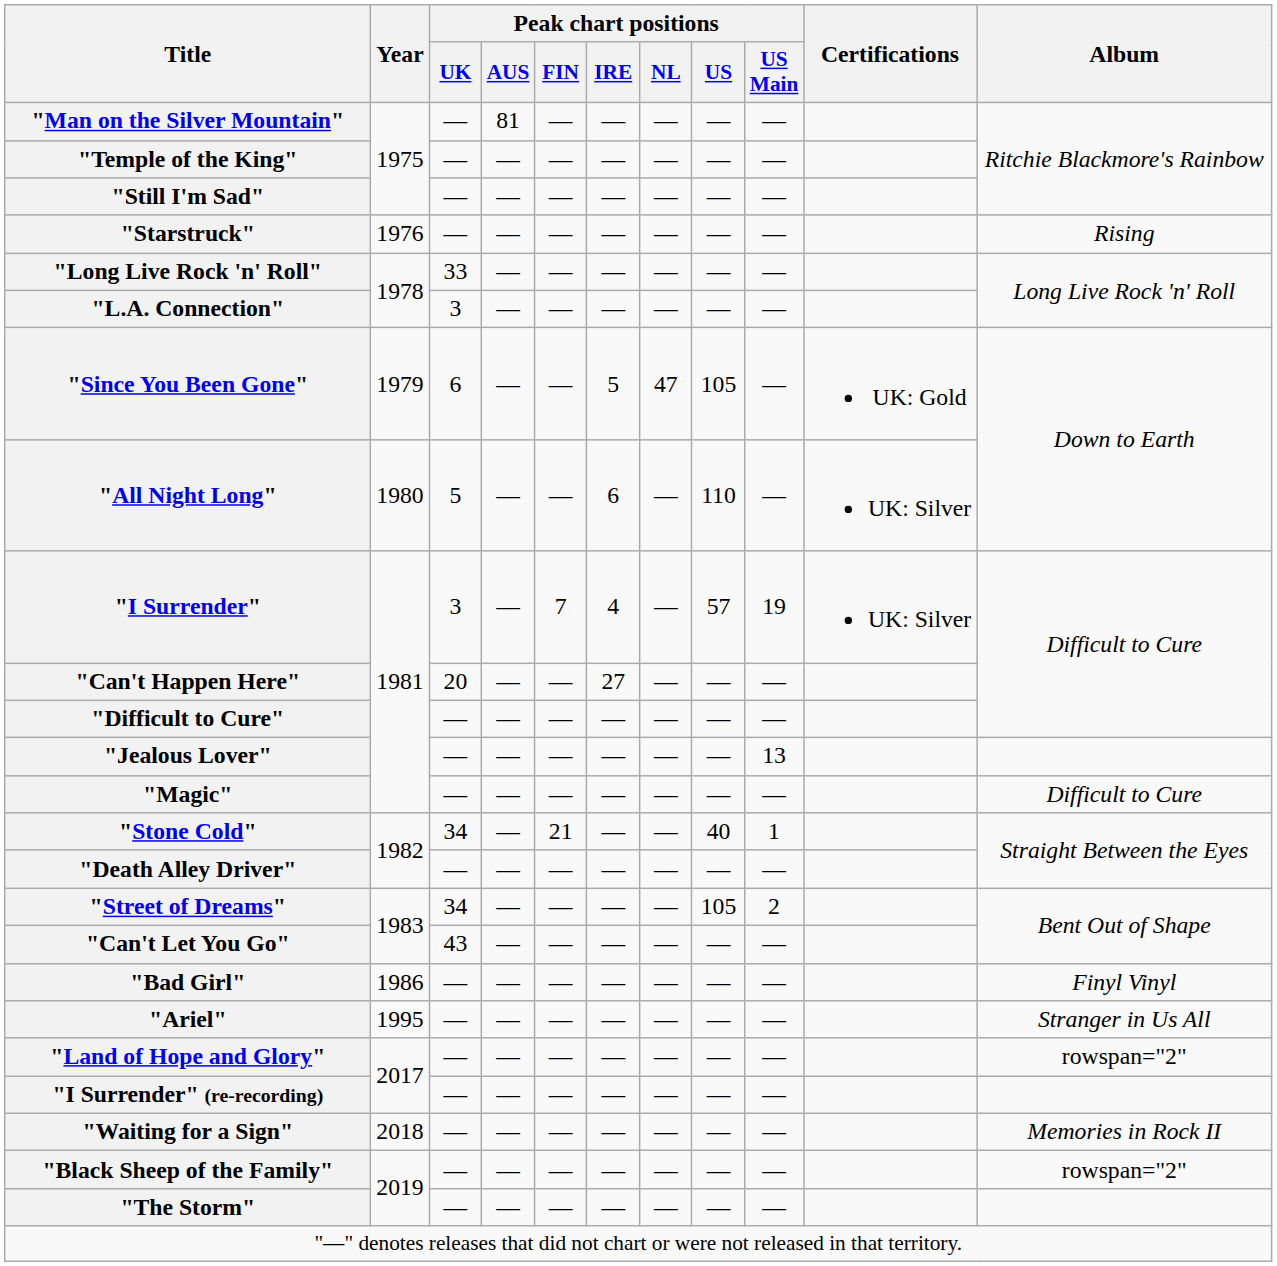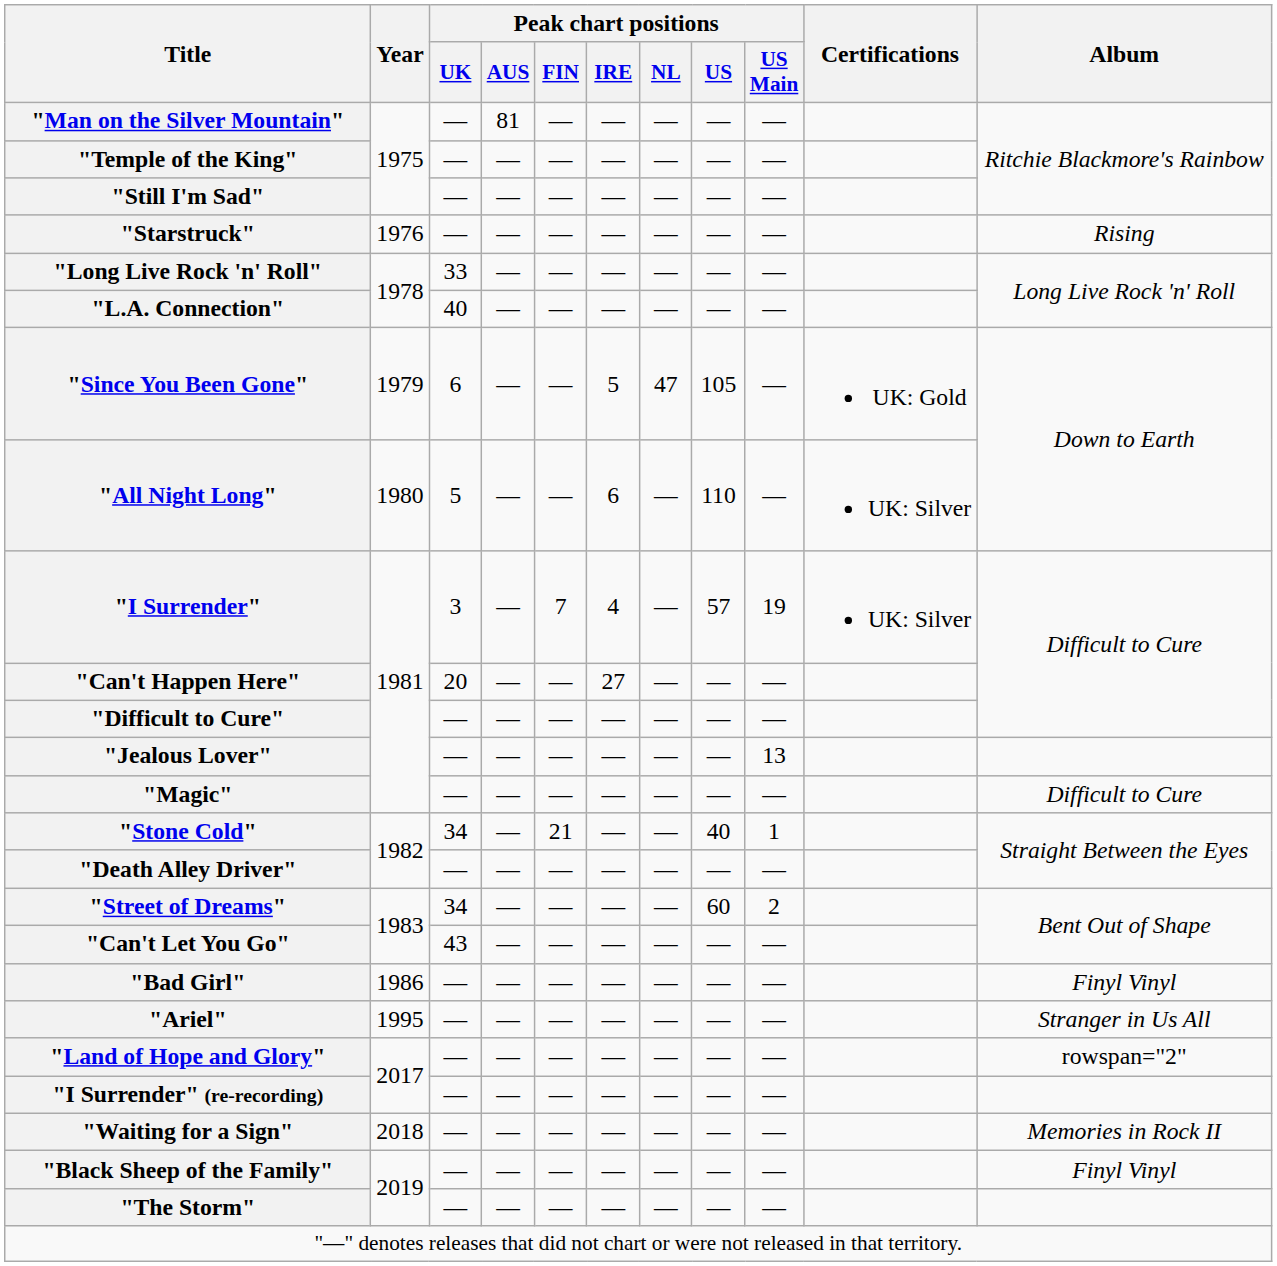 <table class="wikitable plainrowheaders" style="text-align:center;">
 <tr>
 <th rowspan="2" scope="col" style="width:15em;">Title</th>
 <th rowspan="2" scope="col" style="width:2em;">Year</th>
 <th colspan="7">Peak chart positions</th>
 <th rowspan="2">Certifications</th>
 <th rowspan="2" style="width:12em;">Album</th>
 </tr>
 <tr>
 <th scope="col" style="width:2em;font-size:90%;"><a href='#'>UK</a><br></th>
 <th scope="col" style="width:2em;font-size:90%;"><a href='#'>AUS</a><br></th>
 <th scope="col" style="width:2em;font-size:90%;"><a href='#'>FIN</a><br></th>
 <th scope="col" style="width:2em;font-size:90%;"><a href='#'>IRE</a><br></th>
 <th scope="col" style="width:2em;font-size:90%;"><a href='#'>NL</a><br></th>
 <th scope="col" style="width:2em;font-size:90%;"><a href='#'>US</a><br></th>
 <th scope="col" style="width:2em;font-size:90%;"><a href='#'>US Main</a><br></th>
 </tr>
 <tr>
 <th scope="row">"<a href='#'>Man on the Silver Mountain</a>"</th>
 <td rowspan="3">1975</td>
 <td>—</td>
 <td>81</td>
 <td>—</td>
 <td>—</td>
 <td>—</td>
 <td>—</td>
 <td>—</td>
 <td></td>
 <td rowspan="3"><em>Ritchie Blackmore's Rainbow</em></td>
 </tr>
 <tr>
 <th scope="row">"Temple of the King" </th>
 <td>—</td>
 <td>—</td>
 <td>—</td>
 <td>—</td>
 <td>—</td>
 <td>—</td>
 <td>—</td>
 <td></td>
 </tr>
 <tr>
 <th scope="row">"Still I'm Sad" </th>
 <td>—</td>
 <td>—</td>
 <td>—</td>
 <td>—</td>
 <td>—</td>
 <td>—</td>
 <td>—</td>
 <td></td>
 </tr>
 <tr>
 <th scope="row">"Starstruck" </th>
 <td>1976</td>
 <td>—</td>
 <td>—</td>
 <td>—</td>
 <td>—</td>
 <td>—</td>
 <td>—</td>
 <td>—</td>
 <td></td>
 <td><em>Rising</em></td>
 </tr>
 <tr>
 <th scope="row">"Long Live Rock 'n' Roll"</th>
 <td rowspan="2">1978</td>
 <td>33</td>
 <td>—</td>
 <td>—</td>
 <td>—</td>
 <td>—</td>
 <td>—</td>
 <td>—</td>
 <td></td>
 <td rowspan="2"><em>Long Live Rock 'n' Roll</em></td>
 </tr>
 <tr>
 <th scope="row">"L.A. Connection"</th>
-<td>3</td>
+<td>40</td>
 <td>—</td>
 <td>—</td>
 <td>—</td>
 <td>—</td>
 <td>—</td>
 <td>—</td>
 <td></td>
 </tr>
 <tr>
 <th scope="row">"<a href='#'>Since You Been Gone</a>"</th>
 <td>1979</td>
 <td>6</td>
 <td>—</td>
 <td>—</td>
 <td>5</td>
 <td>47</td>
 <td>105</td>
 <td>—</td>
 <td><br><ul><li>UK: Gold</li></ul></td>
 <td rowspan="2"><em>Down to Earth</em></td>
 </tr>
 <tr>
 <th scope="row">"<a href='#'>All Night Long</a>"</th>
 <td>1980</td>
 <td>5</td>
 <td>—</td>
 <td>—</td>
 <td>6</td>
 <td>—</td>
 <td>110</td>
 <td>—</td>
 <td><br><ul><li>UK: Silver</li></ul></td>
 </tr>
 <tr>
 <th scope="row">"<a href='#'>I Surrender</a>"</th>
 <td rowspan="5">1981</td>
 <td>3</td>
 <td>—</td>
 <td>7</td>
 <td>4</td>
 <td>—</td>
 <td>57</td>
 <td>19</td>
 <td><br><ul><li>UK: Silver</li></ul></td>
 <td rowspan="3"><em>Difficult to Cure</em></td>
 </tr>
 <tr>
 <th scope="row">"Can't Happen Here"</th>
 <td>20</td>
 <td>—</td>
 <td>—</td>
 <td>27</td>
 <td>—</td>
 <td>—</td>
 <td>—</td>
 <td></td>
 </tr>
 <tr>
 <th scope="row">"Difficult to Cure" </th>
 <td>—</td>
 <td>—</td>
 <td>—</td>
 <td>—</td>
 <td>—</td>
 <td>—</td>
 <td>—</td>
 <td></td>
 </tr>
 <tr>
 <th scope="row">"Jealous Lover" </th>
 <td>—</td>
 <td>—</td>
 <td>—</td>
 <td>—</td>
 <td>—</td>
 <td>—</td>
 <td>13</td>
 <td></td>
 <td></td>
 </tr>
 <tr>
 <th scope="row">"Magic" </th>
 <td>—</td>
 <td>—</td>
 <td>—</td>
 <td>—</td>
 <td>—</td>
 <td>—</td>
 <td>—</td>
 <td></td>
 <td><em>Difficult to Cure</em></td>
 </tr>
 <tr>
 <th scope="row">"<a href='#'>Stone Cold</a>"</th>
 <td rowspan="2">1982</td>
 <td>34</td>
 <td>—</td>
 <td>21</td>
 <td>—</td>
 <td>—</td>
 <td>40</td>
 <td>1</td>
 <td></td>
 <td rowspan="2"><em>Straight Between the Eyes</em></td>
 </tr>
 <tr>
 <th scope="row">"Death Alley Driver" </th>
 <td>—</td>
 <td>—</td>
 <td>—</td>
 <td>—</td>
 <td>—</td>
 <td>—</td>
 <td>—</td>
 <td></td>
 </tr>
 <tr>
 <th scope="row">"<a href='#'>Street of Dreams</a>"</th>
 <td rowspan="2">1983</td>
 <td>34</td>
 <td>—</td>
 <td>—</td>
 <td>—</td>
 <td>—</td>
-<td>105</td>
+<td>60</td>
 <td>2</td>
 <td></td>
 <td rowspan="2"><em>Bent Out of Shape</em></td>
 </tr>
 <tr>
 <th scope="row">"Can't Let You Go"</th>
 <td>43</td>
 <td>—</td>
 <td>—</td>
 <td>—</td>
 <td>—</td>
 <td>—</td>
 <td>—</td>
 <td></td>
 </tr>
 <tr>
 <th scope="row">"Bad Girl"</th>
 <td>1986</td>
 <td>—</td>
 <td>—</td>
 <td>—</td>
 <td>—</td>
 <td>—</td>
 <td>—</td>
 <td>—</td>
 <td></td>
 <td><em>Finyl Vinyl</em></td>
 </tr>
 <tr>
 <th scope="row">"Ariel" </th>
 <td>1995</td>
 <td>—</td>
 <td>—</td>
 <td>—</td>
 <td>—</td>
 <td>—</td>
 <td>—</td>
 <td>—</td>
 <td></td>
 <td><em>Stranger in Us All</em></td>
 </tr>
 <tr>
 <th scope="row">"<a href='#'>Land of Hope and Glory</a>"</th>
 <td rowspan="2">2017</td>
 <td>—</td>
 <td>—</td>
 <td>—</td>
 <td>—</td>
 <td>—</td>
 <td>—</td>
 <td>—</td>
 <td></td>
 <td>rowspan="2" </td>
 </tr>
 <tr>
 <th scope="row">"I Surrender" <small>(re-recording)</small></th>
 <td>—</td>
 <td>—</td>
 <td>—</td>
 <td>—</td>
 <td>—</td>
 <td>—</td>
 <td>—</td>
 <td></td>
 </tr>
 <tr>
 <th scope="row">"Waiting for a Sign"</th>
 <td>2018</td>
 <td>—</td>
 <td>—</td>
 <td>—</td>
 <td>—</td>
 <td>—</td>
 <td>—</td>
 <td>—</td>
 <td></td>
 <td><em>Memories in Rock II</em></td>
 </tr>
 <tr>
 <th scope="row">"Black Sheep of the Family"</th>
 <td rowspan="2">2019</td>
 <td>—</td>
 <td>—</td>
 <td>—</td>
 <td>—</td>
 <td>—</td>
 <td>—</td>
 <td>—</td>
 <td></td>
-<td>rowspan="2" </td>
+<td><em>Finyl Vinyl</em></td>
 </tr>
 <tr>
 <th scope="row">"The Storm"</th>
 <td>—</td>
 <td>—</td>
 <td>—</td>
 <td>—</td>
 <td>—</td>
 <td>—</td>
 <td>—</td>
 <td></td>
 </tr>
 <tr>
 <td colspan="11" style="font-size:90%">"—" denotes releases that did not chart or were not released in that territory.</td>
 </tr>
 </table>
